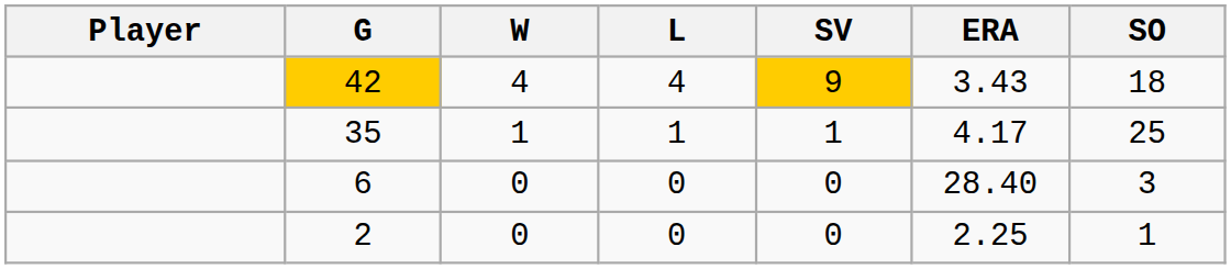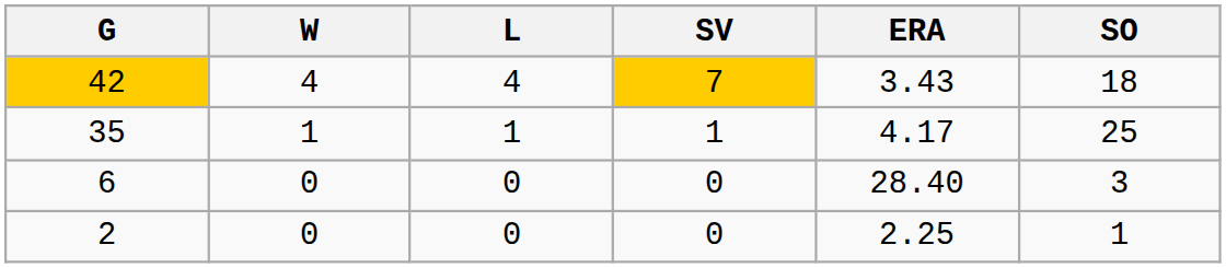 <table class="wikitable sortable">
 <tr>
-<th bgcolor="#DDDDFF" width="16%">Player</th>
 <th bgcolor="#DDDDFF" width="9%">G</th>
 <th bgcolor="#DDDDFF" width="9%">W</th>
 <th bgcolor="#DDDDFF" width="9%">L</th>
 <th bgcolor="#DDDDFF" width="9%">SV</th>
 <th bgcolor="#DDDDFF" width="9%">ERA</th>
 <th bgcolor="#DDDDFF" width="9%">SO</th>
 </tr>
 <tr align="center">
-<td></td>
 <td style="background:#fc0;">42</td>
 <td>4</td>
 <td>4</td>
-<td style="background:#fc0;">9</td>
+<td style="background:#fc0;">7</td>
 <td>3.43</td>
 <td>18</td>
 </tr>
 <tr align="center">
-<td></td>
 <td>35</td>
 <td>1</td>
 <td>1</td>
 <td>1</td>
 <td>4.17</td>
 <td>25</td>
 </tr>
 <tr align="center">
-<td></td>
 <td>6</td>
 <td>0</td>
 <td>0</td>
 <td>0</td>
 <td>28.40</td>
 <td>3</td>
 </tr>
 <tr align="center">
-<td></td>
 <td>2</td>
 <td>0</td>
 <td>0</td>
 <td>0</td>
 <td>2.25</td>
 <td>1</td>
 </tr>
 </table>
